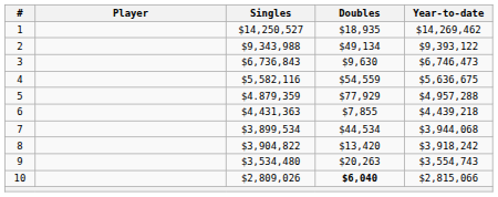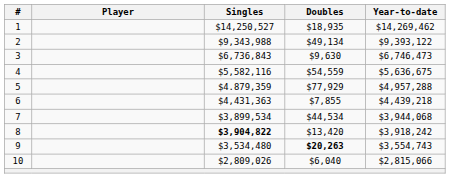 <table class="sortable wikitable" style=text-align:center;font-size:90%>
 <tr>
 <th width=30>#</th>
 <th width=222>Player</th>
 <th width=100>Singles</th>
 <th width=100>Doubles</th>
 <th width=100>Year-to-date</th>
 </tr>
 <tr>
 <td>1</td>
 <td align=left></td>
 <td>$14,250,527</td>
 <td>$18,935</td>
 <td>$14,269,462</td>
 </tr>
 <tr>
 <td>2</td>
 <td align=left></td>
 <td>$9,343,988</td>
 <td>$49,134</td>
 <td>$9,393,122</td>
 </tr>
 <tr>
 <td>3</td>
 <td align=left></td>
 <td>$6,736,843</td>
 <td>$9,630</td>
 <td>$6,746,473</td>
 </tr>
 <tr>
 <td>4</td>
 <td align=left></td>
 <td>$5,582,116</td>
 <td>$54,559</td>
 <td>$5,636,675</td>
 </tr>
 <tr>
 <td>5</td>
 <td align=left></td>
 <td>$4.879,359</td>
 <td>$77,929</td>
 <td>$4,957,288</td>
 </tr>
 <tr>
 <td>6</td>
 <td align=left></td>
 <td>$4,431,363</td>
 <td>$7,855</td>
 <td>$4,439,218</td>
 </tr>
 <tr>
 <td>7</td>
 <td align=left></td>
 <td>$3,899,534</td>
 <td>$44,534</td>
 <td>$3,944,068</td>
 </tr>
 <tr>
 <td>8</td>
 <td align=left></td>
-<td>$3,904,822</td>
+<td><strong>$3,904,822</strong></td>
 <td>$13,420</td>
 <td>$3,918,242</td>
 </tr>
 <tr>
 <td>9</td>
 <td align=left></td>
 <td>$3,534,480</td>
-<td>$20,263</td>
+<td><strong>$20,263</strong></td>
 <td>$3,554,743</td>
 </tr>
 <tr>
 <td>10</td>
 <td align=left></td>
 <td>$2,809,026</td>
-<td><strong>$6,040</strong></td>
+<td>$6,040</td>
 <td>$2,815,066</td>
 </tr>
 <tr class=sortbottom>
 <th colspan=6></th>
 </tr>
 </table>
